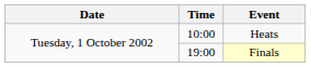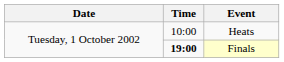 <table class = "wikitable" style="text-align:center;">
 <tr>
 <th width=220>Date</th>
 <th width=50>Time</th>
 <th width=100>Event</th>
 </tr>
 <tr>
 <td rowspan=2>Tuesday, 1 October 2002</td>
 <td>10:00</td>
 <td>Heats</td>
 </tr>
 <tr>
-<td>19:00</td>
+<td><strong>19:00</strong></td>
 <td bgcolor=ffffcc>Finals</td>
 </tr>
 </table>
